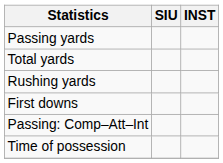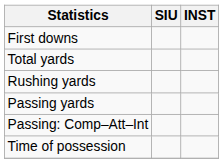 <table class="wikitable" style="float: left;">
 <tr>
 <th>Statistics</th>
 <th>SIU</th>
 <th>INST</th>
 </tr>
 <tr>
-<td>Passing yards</td>
+<td>First downs</td>
 <td></td>
 <td></td>
 </tr>
 <tr>
 <td>Total yards</td>
 <td></td>
 <td></td>
 </tr>
 <tr>
 <td>Rushing yards</td>
 <td></td>
 <td></td>
 </tr>
 <tr>
-<td>First downs</td>
+<td>Passing yards</td>
 <td></td>
 <td></td>
 </tr>
 <tr>
 <td>Passing: Comp–Att–Int</td>
 <td></td>
 <td></td>
 </tr>
 <tr>
 <td>Time of possession</td>
 <td></td>
 <td></td>
 </tr>
 <tr>
 </tr>
 </table>
